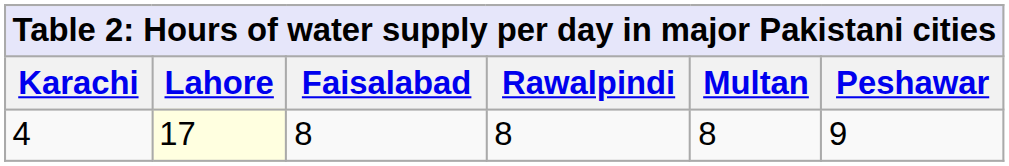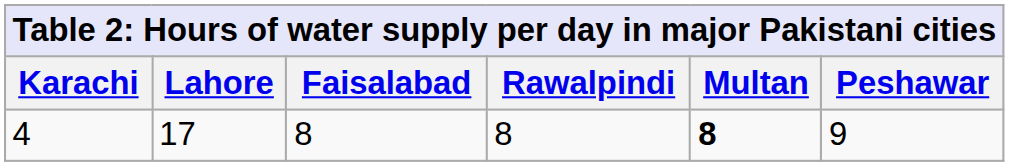 <table class="wikitable">
 <tr>
 <th style="background:#E6E6FA" colspan=6>Table 2: Hours of water supply per day in major Pakistani cities</th>
 </tr>
 <tr>
 <th><a href='#'>Karachi</a></th>
 <th><a href='#'>Lahore</a></th>
 <th><a href='#'>Faisalabad</a></th>
 <th><a href='#'>Rawalpindi</a></th>
 <th><a href='#'>Multan</a></th>
 <th><a href='#'>Peshawar</a></th>
 </tr>
 <tr>
 <td>4</td>
-<td style="background: lightyellow;">17</td>
+<td>17</td>
 <td>8</td>
 <td>8</td>
-<td>8</td>
+<td><strong>8</strong></td>
 <td>9</td>
 </tr>
 </table>
